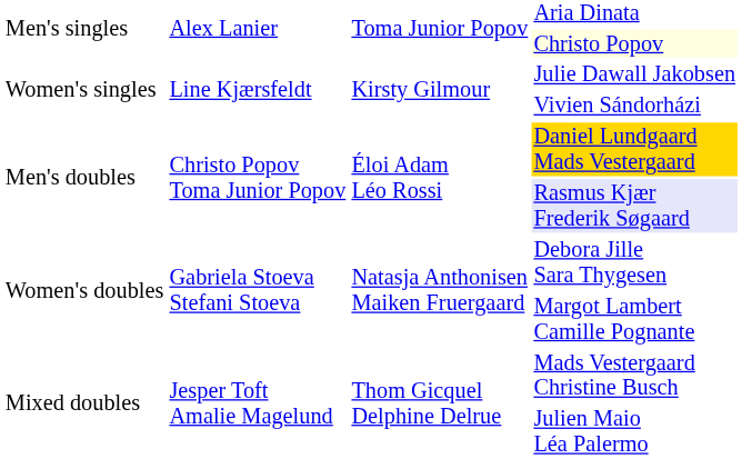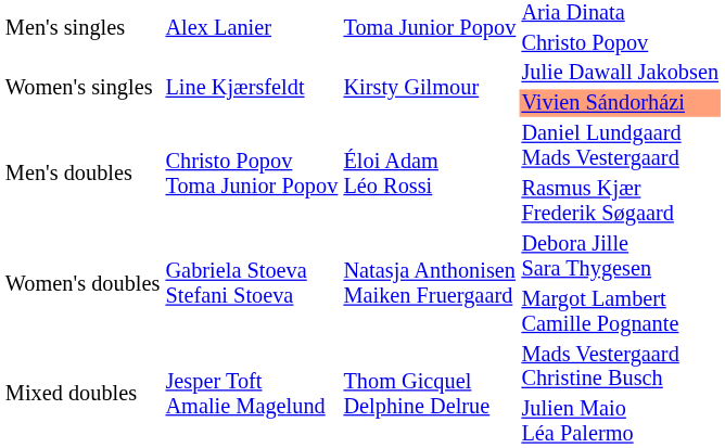 <table>
 <tr>
 <td rowspan="2">Men's singles</td>
 <td rowspan="2"> <a href='#'>Alex Lanier</a></td>
 <td rowspan="2"> <a href='#'>Toma Junior Popov</a></td>
 <td> <a href='#'>Aria Dinata</a></td>
 </tr>
 <tr>
-<td style="background: lightyellow;"> <a href='#'>Christo Popov</a></td>
+<td> <a href='#'>Christo Popov</a></td>
 </tr>
 <tr>
 <td rowspan="2">Women's singles</td>
 <td rowspan="2"> <a href='#'>Line Kjærsfeldt</a></td>
 <td rowspan="2"> <a href='#'>Kirsty Gilmour</a></td>
 <td> <a href='#'>Julie Dawall Jakobsen</a></td>
 </tr>
 <tr>
-<td> <a href='#'>Vivien Sándorházi</a></td>
+<td style="background: lightsalmon;"> <a href='#'>Vivien Sándorházi</a></td>
 </tr>
 <tr>
 <td rowspan="2">Men's doubles</td>
 <td rowspan="2"> <a href='#'>Christo Popov</a><br> <a href='#'>Toma Junior Popov</a></td>
 <td rowspan="2"> <a href='#'>Éloi Adam</a><br> <a href='#'>Léo Rossi</a></td>
-<td style="background: gold;"> <a href='#'>Daniel Lundgaard</a><br> <a href='#'>Mads Vestergaard</a></td>
+<td> <a href='#'>Daniel Lundgaard</a><br> <a href='#'>Mads Vestergaard</a></td>
 </tr>
 <tr>
-<td style="background: lavender;"> <a href='#'>Rasmus Kjær</a><br> <a href='#'>Frederik Søgaard</a></td>
+<td> <a href='#'>Rasmus Kjær</a><br> <a href='#'>Frederik Søgaard</a></td>
 </tr>
 <tr>
 <td rowspan="2">Women's doubles</td>
 <td rowspan="2"> <a href='#'>Gabriela Stoeva</a><br> <a href='#'>Stefani Stoeva</a></td>
 <td rowspan="2"> <a href='#'>Natasja Anthonisen</a><br> <a href='#'>Maiken Fruergaard</a></td>
 <td> <a href='#'>Debora Jille</a><br> <a href='#'>Sara Thygesen</a></td>
 </tr>
 <tr>
 <td> <a href='#'>Margot Lambert</a><br> <a href='#'>Camille Pognante</a></td>
 </tr>
 <tr>
 <td rowspan="2">Mixed doubles</td>
 <td rowspan="2"> <a href='#'>Jesper Toft</a><br> <a href='#'>Amalie Magelund</a></td>
 <td rowspan="2"> <a href='#'>Thom Gicquel</a><br> <a href='#'>Delphine Delrue</a></td>
 <td> <a href='#'>Mads Vestergaard</a><br> <a href='#'>Christine Busch</a></td>
 </tr>
 <tr>
 <td> <a href='#'>Julien Maio</a><br> <a href='#'>Léa Palermo</a></td>
 </tr>
 </table>
